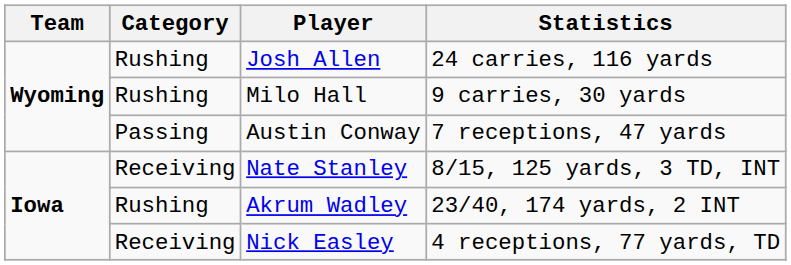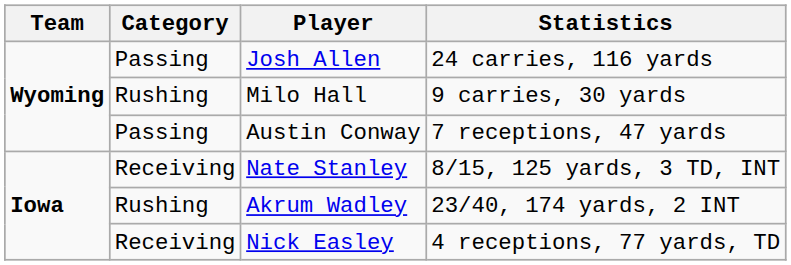 <table class="wikitable" style="float: left;">
 <tr>
 <th>Team</th>
 <th>Category</th>
 <th>Player</th>
 <th>Statistics</th>
 </tr>
 <tr>
 <td rowspan=3><strong>Wyoming</strong></td>
-<td>Rushing</td>
+<td>Passing</td>
 <td><a href='#'>Josh Allen</a></td>
 <td>24 carries, 116 yards</td>
 </tr>
 <tr>
 <td>Rushing</td>
 <td>Milo Hall</td>
 <td>9 carries, 30 yards</td>
 </tr>
 <tr>
 <td>Passing</td>
 <td>Austin Conway</td>
 <td>7 receptions, 47 yards</td>
 </tr>
 <tr>
 <td rowspan=3><strong>Iowa</strong></td>
 <td>Receiving</td>
 <td><a href='#'>Nate Stanley</a></td>
 <td>8/15, 125 yards, 3 TD, INT</td>
 </tr>
 <tr>
 <td>Rushing</td>
 <td><a href='#'>Akrum Wadley</a></td>
 <td>23/40, 174 yards, 2 INT</td>
 </tr>
 <tr>
 <td>Receiving</td>
 <td><a href='#'>Nick Easley</a></td>
 <td>4 receptions, 77 yards, TD</td>
 </tr>
 </table>
